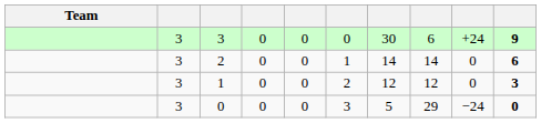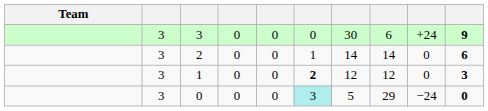 <table class="wikitable" style="text-align:center;">
 <tr>
 <th width=165>Team</th>
 <th width=40></th>
 <th width=40></th>
 <th width=40></th>
 <th width=40></th>
 <th width=40></th>
 <th width=40></th>
 <th width=40></th>
 <th width=40></th>
 <th width=40></th>
 </tr>
 <tr bgcolor=ccffcc>
 <td style="text-align:left;"></td>
 <td>3</td>
 <td>3</td>
 <td>0</td>
 <td>0</td>
 <td>0</td>
 <td>30</td>
 <td>6</td>
 <td>+24</td>
 <td><strong>9</strong></td>
 </tr>
 <tr>
 <td style="text-align:left;"></td>
 <td>3</td>
 <td>2</td>
 <td>0</td>
 <td>0</td>
 <td>1</td>
 <td>14</td>
 <td>14</td>
 <td>0</td>
 <td><strong>6</strong></td>
 </tr>
 <tr>
 <td style="text-align:left;"></td>
 <td>3</td>
 <td>1</td>
 <td>0</td>
 <td>0</td>
-<td>2</td>
+<td><strong>2</strong></td>
 <td>12</td>
 <td>12</td>
 <td>0</td>
 <td><strong>3</strong></td>
 </tr>
 <tr>
 <td style="text-align:left;"></td>
 <td>3</td>
 <td>0</td>
 <td>0</td>
 <td>0</td>
-<td>3</td>
+<td style="background: paleturquoise;">3</td>
 <td>5</td>
 <td>29</td>
 <td>−24</td>
 <td><strong>0</strong></td>
 </tr>
 </table>
